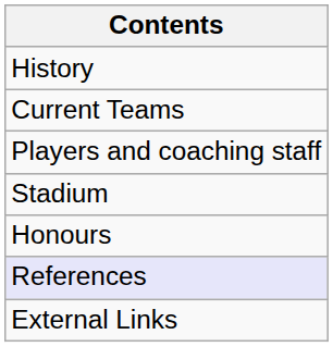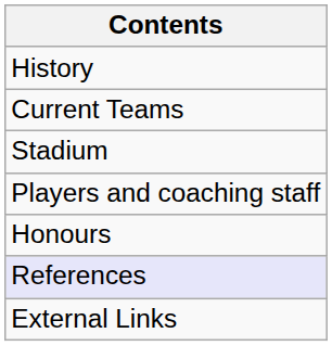 <table class="wikitable">
 <tr>
 <th>Contents</th>
 </tr>
 <tr>
 <td>History</td>
 </tr>
 <tr>
 <td>Current Teams</td>
 </tr>
 <tr>
-<td>Players and coaching staff</td>
+<td>Stadium</td>
 </tr>
 <tr>
-<td>Stadium</td>
+<td>Players and coaching staff</td>
 </tr>
 <tr>
 <td>Honours</td>
 </tr>
 <tr>
 <td style="background: lavender;">References</td>
 </tr>
 <tr>
 <td>External Links</td>
 </tr>
 </table>
